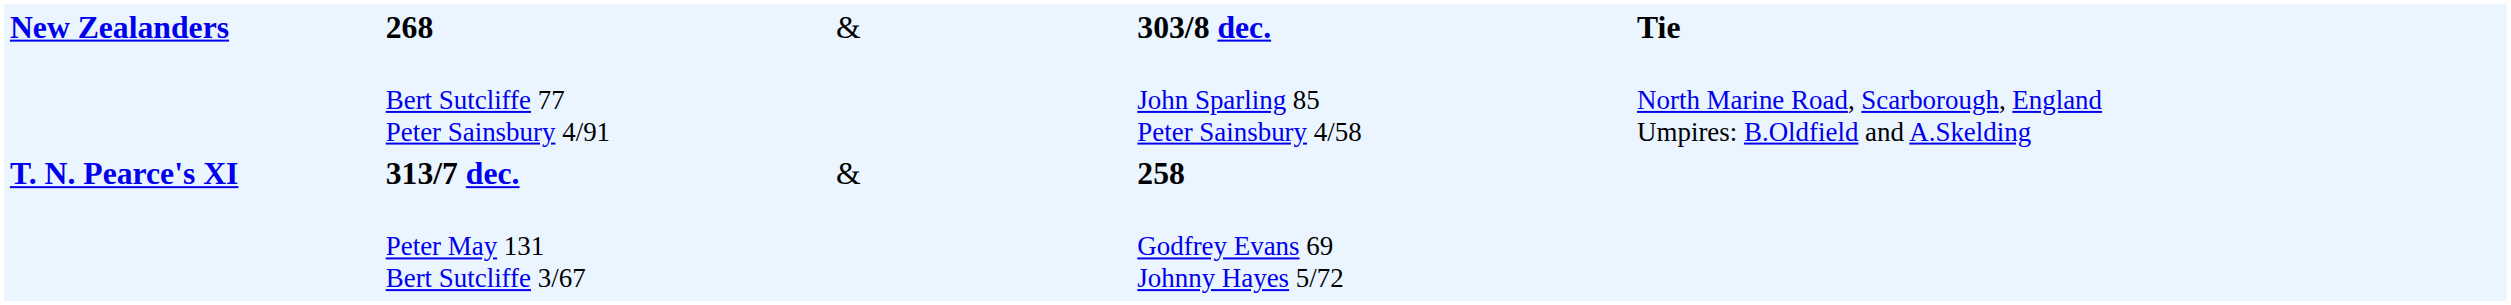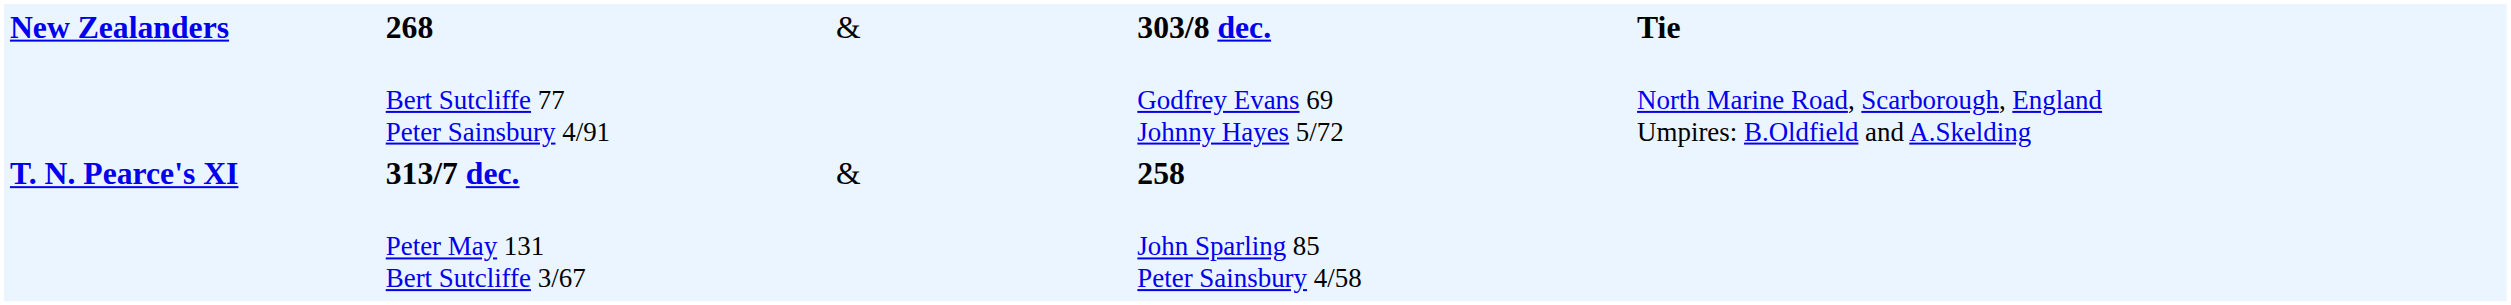 <table width="100%" style="background: #EBF5FF">
 <tr>
 <td width="15%" valign="top" rowspan="2"><strong><a href='#'>New Zealanders</a></strong></td>
 <td width="18%"><strong>268</strong></td>
 <td width="12%">&</td>
 <td width="20%"><strong>303/8 <a href='#'>dec.</a></strong></td>
 <td width="35%"><strong>Tie</strong></td>
 </tr>
 <tr>
 <td style="font-size: 85%;" valign="top"><br><a href='#'>Bert Sutcliffe</a> 77<br> <a href='#'>Peter Sainsbury</a> 4/91</td>
 <td></td>
-<td style="font-size: 85%;"><br><a href='#'>John Sparling</a> 85<br> <a href='#'>Peter Sainsbury</a> 4/58</td>
+<td valign="top" style="font-size: 85%;"><br><a href='#'>Godfrey Evans</a> 69<br> <a href='#'>Johnny Hayes</a> 5/72</td>
 <td valign="top" style="font-size: 85%;" rowspan="3"><br><a href='#'>North Marine Road</a>, <a href='#'>Scarborough</a>, <a href='#'>England</a><br> Umpires: <a href='#'>B.Oldfield</a> and <a href='#'>A.Skelding</a></td>
 </tr>
 <tr>
 <td valign="top" rowspan="2"><strong><a href='#'>T. N. Pearce's XI</a></strong></td>
 <td><strong>313/7 <a href='#'>dec.</a></strong></td>
 <td>&</td>
 <td><strong>258</strong></td>
 </tr>
 <tr>
 <td style="font-size: 85%;"><br><a href='#'>Peter May</a> 131<br> <a href='#'>Bert Sutcliffe</a> 3/67</td>
 <td></td>
-<td valign="top" style="font-size: 85%;"><br><a href='#'>Godfrey Evans</a> 69<br> <a href='#'>Johnny Hayes</a> 5/72</td>
+<td style="font-size: 85%;"><br><a href='#'>John Sparling</a> 85<br> <a href='#'>Peter Sainsbury</a> 4/58</td>
 </tr>
 </table>
